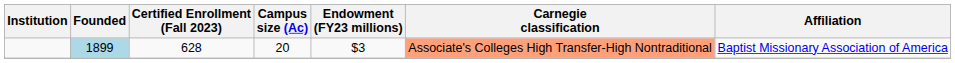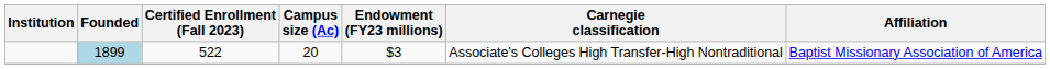 <table class="wikitable sortable plainrowheaders" style="border:2px solid #;">
 <tr>
 <th scope="col" style="background-color: #; color: black;">Institution</th>
 <th scope="col" style="background-color: #; color: black;">Founded</th>
 <th scope="col" style="background-color: #; color: black;">Certified Enrollment<br>(Fall 2023)</th>
 <th scope="col" style="background-color: #; color: black;">Campus<br>size <a href='#'>(Ac)</a></th>
 <th scope="col" style="background-color: #; color: black;">Endowment<br> (FY23 millions) <br></th>
 <th scope="col" style="background-color: #; color: black;">Carnegie<br>classification</th>
 <th scope="col" style="background-color: #; color: black;">Affiliation</th>
 </tr>
 <tr>
 <td></td>
 <td align="center" style="background: lightblue;">1899</td>
-<td align="center">628</td>
+<td align="center">522</td>
 <td align="center">20</td>
 <td align="center">$3</td>
-<td align="center" style="background: lightsalmon;">Associate's Colleges High Transfer-High Nontraditional</td>
+<td align="center">Associate's Colleges High Transfer-High Nontraditional</td>
 <td align="center"><a href='#'>Baptist Missionary Association of America</a></td>
 </tr>
 <tr>
 </tr>
 </table>
